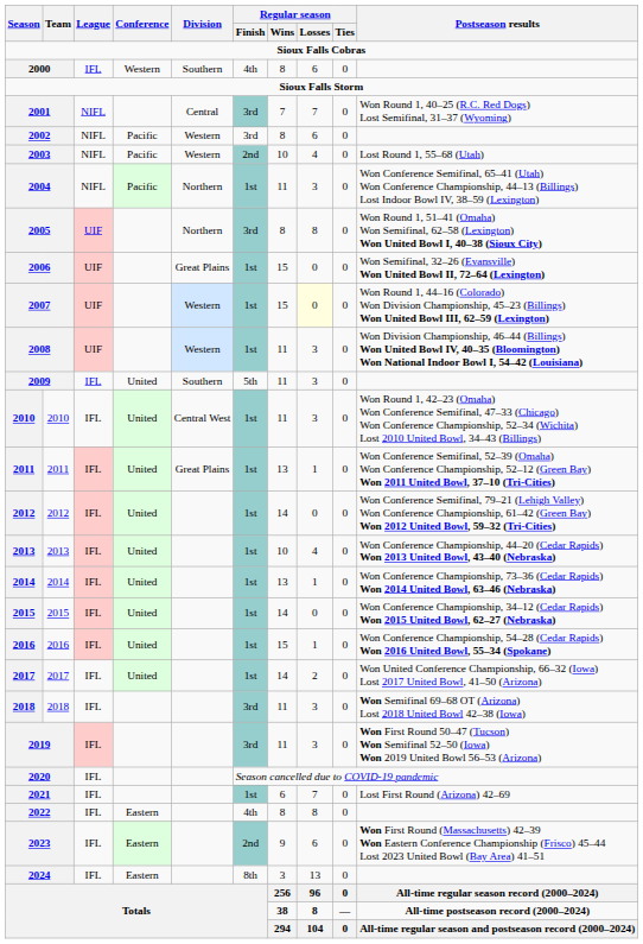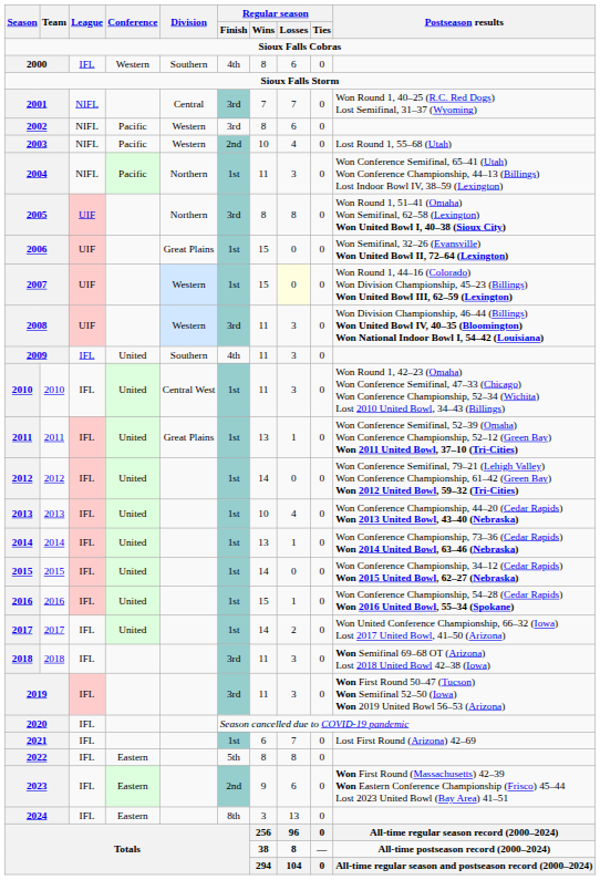 <table class="wikitable" style="text-align:center; font-size: 95%;">
 <tr>
 <th rowspan="2"><a href='#'>Season</a></th>
 <th rowspan="2">Team</th>
 <th rowspan="2"><a href='#'>League</a></th>
 <th rowspan="2"><a href='#'>Conference</a></th>
 <th rowspan="2"><a href='#'>Division</a></th>
 <th colspan="4"><a href='#'>Regular season</a></th>
 <th rowspan="2"><a href='#'>Postseason</a> results</th>
 </tr>
 <tr>
 <th>Finish</th>
 <th>Wins</th>
 <th>Losses</th>
 <th>Ties</th>
 </tr>
 <tr>
 <td colspan="11"><strong><span>Sioux Falls Cobras</span></strong></td>
 </tr>
 <tr>
 <th colspan=2>2000</th>
 <td><a href='#'>IFL</a></td>
 <td>Western</td>
 <td>Southern</td>
 <td>4th</td>
 <td>8</td>
 <td>6</td>
 <td>0</td>
 <td align=left></td>
 </tr>
 <tr>
 <td colspan="11"><strong><span>Sioux Falls Storm</span></strong></td>
 </tr>
 <tr>
 <th colspan=2><a href='#'>2001</a></th>
 <td><a href='#'>NIFL</a></td>
 <td></td>
 <td>Central</td>
 <td style="background:#96cdcd;">3rd</td>
 <td>7</td>
 <td>7</td>
 <td>0</td>
 <td align=left>Won Round 1, 40–25 (<a href='#'>R.C. Red Dogs</a>)<br>Lost Semifinal, 31–37 (<a href='#'>Wyoming</a>)</td>
 </tr>
 <tr>
 <th colspan=2><a href='#'>2002</a></th>
 <td>NIFL</td>
 <td>Pacific</td>
 <td>Western</td>
 <td>3rd</td>
 <td>8</td>
 <td>6</td>
 <td>0</td>
 <td align=left></td>
 </tr>
 <tr>
 <th colspan=2><a href='#'>2003</a></th>
 <td>NIFL</td>
 <td>Pacific</td>
 <td>Western</td>
 <td style="background:#96cdcd;">2nd</td>
 <td>10</td>
 <td>4</td>
 <td>0</td>
 <td align=left>Lost Round 1, 55–68 (<a href='#'>Utah</a>)</td>
 </tr>
 <tr>
 <th colspan=2><a href='#'>2004</a></th>
 <td>NIFL</td>
 <td style="background:#dfd;">Pacific</td>
 <td>Northern</td>
 <td style="background:#96cdcd;">1st</td>
 <td>11</td>
 <td>3</td>
 <td>0</td>
 <td align=left>Won Conference Semifinal, 65–41 (<a href='#'>Utah</a>)<br>Won Conference Championship, 44–13 (<a href='#'>Billings</a>)<br>Lost Indoor Bowl IV, 38–59 (<a href='#'>Lexington</a>)</td>
 </tr>
 <tr>
 <th colspan=2><a href='#'>2005</a></th>
 <td style="background:#fcc;"><a href='#'>UIF</a></td>
 <td></td>
 <td>Northern</td>
 <td style="background:#96cdcd;">3rd</td>
 <td>8</td>
 <td>8</td>
 <td>0</td>
 <td align=left>Won Round 1, 51–41 (<a href='#'>Omaha</a>)<br>Won Semifinal, 62–58 (<a href='#'>Lexington</a>)<br><strong>Won United Bowl I, 40–38 (<a href='#'>Sioux City</a>)</strong></td>
 </tr>
 <tr>
 <th colspan=2><a href='#'>2006</a></th>
 <td style="background:#fcc;">UIF</td>
 <td></td>
 <td>Great Plains</td>
 <td style="background:#96cdcd;">1st</td>
 <td>15</td>
 <td>0</td>
 <td>0</td>
 <td align=left>Won Semifinal, 32–26 (<a href='#'>Evansville</a>)<br><strong>Won United Bowl II, 72–64 (<a href='#'>Lexington</a>)</strong></td>
 </tr>
 <tr>
 <th colspan=2><a href='#'>2007</a></th>
 <td style="background:#fcc;">UIF</td>
 <td></td>
 <td style="background:#d0e7ff;">Western</td>
 <td style="background:#96cdcd;">1st</td>
 <td>15</td>
 <td style="background: lightyellow;">0</td>
 <td>0</td>
 <td align=left>Won Round 1, 44–16 (<a href='#'>Colorado</a>)<br>Won Division Championship, 45–23 (<a href='#'>Billings</a>) <br><strong> Won United Bowl III, 62–59 (<a href='#'>Lexington</a>)</strong></td>
 </tr>
 <tr>
 <th colspan=2><a href='#'>2008</a></th>
 <td style="background:#fcc;">UIF</td>
 <td></td>
 <td style="background:#d0e7ff;">Western</td>
-<td style="background:#96cdcd;">1st</td>
+<td style="background:#96cdcd;">3rd</td>
 <td>11</td>
 <td>3</td>
 <td>0</td>
 <td align=left>Won Division Championship, 46–44 (<a href='#'>Billings</a>)<br><strong>Won United Bowl IV, 40–35 (<a href='#'>Bloomington</a>)</strong><br><strong>Won National Indoor Bowl I, 54–42 (<a href='#'>Louisiana</a>)</strong></td>
 </tr>
 <tr>
 <th colspan=2><a href='#'>2009</a></th>
 <td><a href='#'>IFL</a></td>
 <td>United</td>
 <td>Southern</td>
-<td>5th</td>
+<td>4th</td>
 <td>11</td>
 <td>3</td>
 <td>0</td>
 <td align=left></td>
 </tr>
 <tr>
 <th><a href='#'>2010</a></th>
 <td><a href='#'>2010</a></td>
 <td>IFL</td>
 <td style="background:#dfd;">United</td>
 <td>Central West</td>
 <td style="background:#96cdcd;">1st</td>
 <td>11</td>
 <td>3</td>
 <td>0</td>
 <td align=left>Won Round 1, 42–23 (<a href='#'>Omaha</a>)<br>Won Conference Semifinal, 47–33 (<a href='#'>Chicago</a>)<br>Won Conference Championship, 52–34 (<a href='#'>Wichita</a>)<br>Lost <a href='#'>2010 United Bowl</a>, 34–43 (<a href='#'>Billings</a>)</td>
 </tr>
 <tr>
 <th><a href='#'>2011</a></th>
 <td><a href='#'>2011</a></td>
 <td style="background:#fcc;">IFL</td>
 <td style="background:#dfd;">United</td>
 <td>Great Plains</td>
 <td style="background:#96cdcd;">1st</td>
 <td>13</td>
 <td>1</td>
 <td>0</td>
 <td align=left>Won Conference Semifinal, 52–39 (<a href='#'>Omaha</a>)<br>Won Conference Championship, 52–12 (<a href='#'>Green Bay</a>)<br><strong>Won <a href='#'>2011 United Bowl</a>, 37–10 (<a href='#'>Tri-Cities</a>)</strong></td>
 </tr>
 <tr>
 <th><a href='#'>2012</a></th>
 <td><a href='#'>2012</a></td>
 <td style="background:#fcc;">IFL</td>
 <td style="background:#dfd;">United</td>
 <td></td>
 <td style="background:#96cdcd;">1st</td>
 <td>14</td>
 <td>0</td>
 <td>0</td>
 <td align=left>Won Conference Semifinal, 79–21 (<a href='#'>Lehigh Valley</a>)<br>Won Conference Championship, 61–42 (<a href='#'>Green Bay</a>)<br><strong>Won <a href='#'>2012 United Bowl</a>, 59–32 (<a href='#'>Tri-Cities</a>)</strong></td>
 </tr>
 <tr>
 <th><a href='#'>2013</a></th>
 <td><a href='#'>2013</a></td>
 <td style="background:#fcc;">IFL</td>
 <td style="background:#dfd;">United</td>
 <td></td>
 <td style="background:#96cdcd;">1st</td>
 <td>10</td>
 <td>4</td>
 <td>0</td>
 <td align=left>Won Conference Championship, 44–20 (<a href='#'>Cedar Rapids</a>)<br><strong>Won <a href='#'>2013 United Bowl</a>, 43–40 (<a href='#'>Nebraska</a>)</strong></td>
 </tr>
 <tr>
 <th><a href='#'>2014</a></th>
 <td><a href='#'>2014</a></td>
 <td style="background:#fcc;">IFL</td>
 <td style="background:#dfd;">United</td>
 <td></td>
 <td style="background:#96cdcd;">1st</td>
 <td>13</td>
 <td>1</td>
 <td>0</td>
 <td align=left>Won Conference Championship, 73–36 (<a href='#'>Cedar Rapids</a>)<br><strong>Won <a href='#'>2014 United Bowl</a>, 63–46 (<a href='#'>Nebraska</a>)</strong></td>
 </tr>
 <tr>
 <th><a href='#'>2015</a></th>
 <td><a href='#'>2015</a></td>
 <td style="background:#fcc;">IFL</td>
 <td style="background:#dfd;">United</td>
 <td></td>
 <td style="background:#96cdcd;">1st</td>
 <td>14</td>
 <td>0</td>
 <td>0</td>
 <td align=left>Won Conference Championship, 34–12 (<a href='#'>Cedar Rapids</a>)<br><strong>Won <a href='#'>2015 United Bowl</a>, 62–27 (<a href='#'>Nebraska</a>)</strong></td>
 </tr>
 <tr>
 <th><a href='#'>2016</a></th>
 <td><a href='#'>2016</a></td>
 <td style="background:#fcc;">IFL</td>
 <td style="background:#dfd;">United</td>
 <td></td>
 <td style="background:#96cdcd;">1st</td>
 <td>15</td>
 <td>1</td>
 <td>0</td>
 <td align=left>Won Conference Championship, 54–28 (<a href='#'>Cedar Rapids</a>)<br><strong>Won <a href='#'>2016 United Bowl</a>, 55–34 (<a href='#'>Spokane</a>)</strong></td>
 </tr>
 <tr>
 <th><a href='#'>2017</a></th>
 <td><a href='#'>2017</a></td>
 <td>IFL</td>
 <td style="background:#dfd;">United</td>
 <td></td>
 <td style="background:#96cdcd;">1st</td>
 <td>14</td>
 <td>2</td>
 <td>0</td>
 <td align=left>Won United Conference Championship, 66–32 (<a href='#'>Iowa</a>)<br>Lost <a href='#'>2017 United Bowl</a>, 41–50 (<a href='#'>Arizona</a>)</td>
 </tr>
 <tr>
 <th><a href='#'>2018</a></th>
 <td><a href='#'>2018</a></td>
 <td>IFL</td>
 <td></td>
 <td></td>
 <td style="background:#96cdcd;">3rd</td>
 <td>11</td>
 <td>3</td>
 <td>0</td>
 <td align=left><strong>Won </strong> Semifinal 69–68 OT (<a href='#'>Arizona</a>)<br>Lost <a href='#'>2018 United Bowl</a> 42–38 (<a href='#'>Iowa</a>)</td>
 </tr>
 <tr>
 <th colspan=2><a href='#'>2019</a></th>
 <td style="background:#fcc;">IFL</td>
 <td></td>
 <td></td>
 <td style="background:#96cdcd;">3rd</td>
 <td>11</td>
 <td>3</td>
 <td>0</td>
 <td align=left><strong>Won</strong> First Round 50–47 (<a href='#'>Tucson</a>) <br><strong>Won</strong> Semifinal 52–50 (<a href='#'>Iowa</a>)<br><strong>Won</strong> 2019 United Bowl 56–53 (<a href='#'>Arizona</a>)</td>
 </tr>
 <tr>
 <th colspan=2><a href='#'>2020</a></th>
 <td>IFL</td>
 <td></td>
 <td></td>
 <td colspan="5;" style="text-align:left;"><em>Season cancelled due to <a href='#'>COVID-19 pandemic</a></em></td>
 </tr>
 <tr>
 <th colspan=2><a href='#'>2021</a></th>
 <td>IFL</td>
 <td></td>
 <td></td>
 <td style="background:#96cdcd;">1st</td>
 <td>6</td>
 <td>7</td>
 <td>0</td>
 <td align=left>Lost First Round (<a href='#'>Arizona</a>) 42–69</td>
 </tr>
 <tr>
 <th colspan=2><a href='#'>2022</a></th>
 <td>IFL</td>
 <td>Eastern</td>
 <td></td>
-<td>4th</td>
+<td>5th</td>
 <td>8</td>
 <td>8</td>
 <td>0</td>
 <td align=left></td>
 </tr>
 <tr>
 <th colspan=2><a href='#'>2023</a></th>
 <td>IFL</td>
 <td style="background:#dfd;">Eastern</td>
 <td></td>
 <td style="background:#96cdcd;">2nd</td>
 <td>9</td>
 <td>6</td>
 <td>0</td>
 <td align=left><strong>Won</strong> First Round (<a href='#'>Massachusetts</a>) 42–39 <br><strong>Won</strong> Eastern Conference Championship (<a href='#'>Frisco</a>) 45–44 <br>Lost 2023 United Bowl (<a href='#'>Bay Area</a>) 41–51</td>
 </tr>
 <tr>
 <th colspan=2><a href='#'>2024</a></th>
 <td>IFL</td>
 <td>Eastern</td>
 <td></td>
 <td>8th</td>
 <td>3</td>
 <td>13</td>
 <td>0</td>
 <td align=left></td>
 </tr>
 <tr>
 <th rowspan="3" colspan="6">Totals</th>
 <th>256</th>
 <th>96</th>
 <th>0</th>
 <th>All-time regular season record (2000–2024)</th>
 </tr>
 <tr>
 <td><strong>38</strong></td>
 <td><strong>8</strong></td>
 <td>—</td>
 <td><strong>All-time postseason record (2000–2024)</strong></td>
 </tr>
 <tr>
 <th>294</th>
 <th>104</th>
 <th>0</th>
 <th>All-time regular season and postseason record (2000–2024)</th>
 </tr>
 </table>
